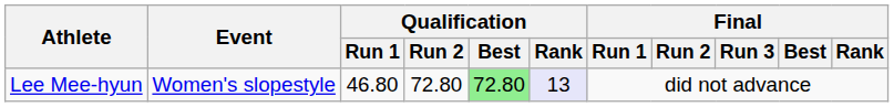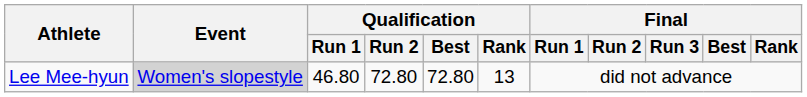 <table class="wikitable" style="font-size:90%">
 <tr>
 <th rowspan="2">Athlete</th>
 <th rowspan="2">Event</th>
 <th colspan="4">Qualification</th>
 <th colspan="5">Final</th>
 </tr>
 <tr style="font-size:95%">
 <th>Run 1</th>
 <th>Run 2</th>
 <th>Best</th>
 <th>Rank</th>
 <th>Run 1</th>
 <th>Run 2</th>
 <th>Run 3</th>
 <th>Best</th>
 <th>Rank</th>
 </tr>
 <tr align=center>
 <td align=left><a href='#'>Lee Mee-hyun</a></td>
-<td align=left><a href='#'>Women's slopestyle</a></td>
+<td align=left style="background: lightgrey;"><a href='#'>Women's slopestyle</a></td>
 <td>46.80</td>
 <td>72.80</td>
-<td style="background: lightgreen;">72.80</td>
-<td style="background: lavender;">13</td>
+<td>72.80</td>
+<td>13</td>
 <td colspan=5>did not advance</td>
 </tr>
 </table>
